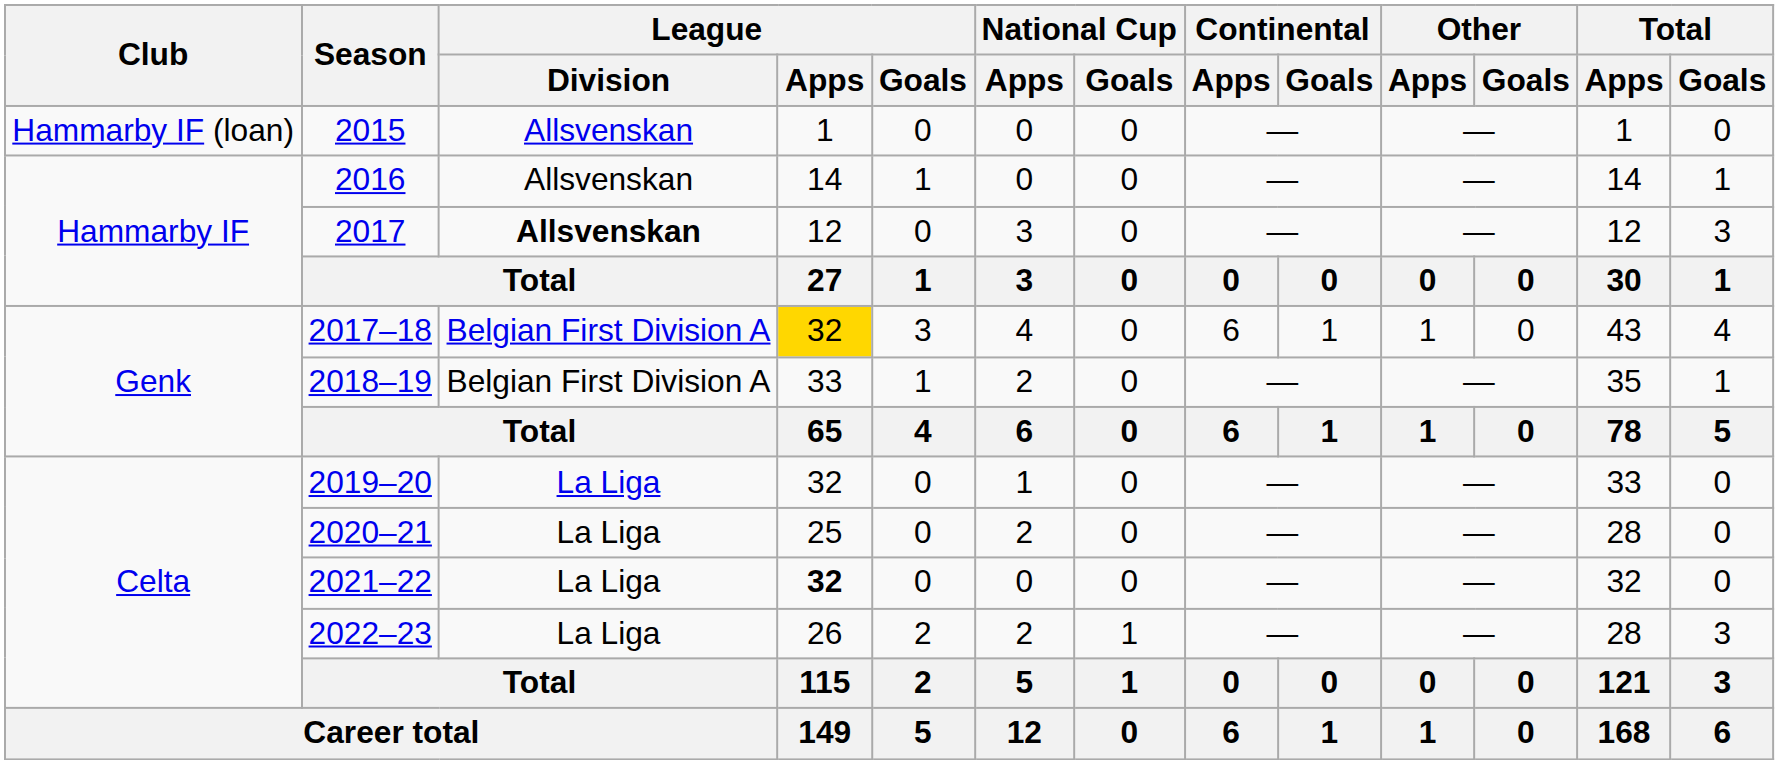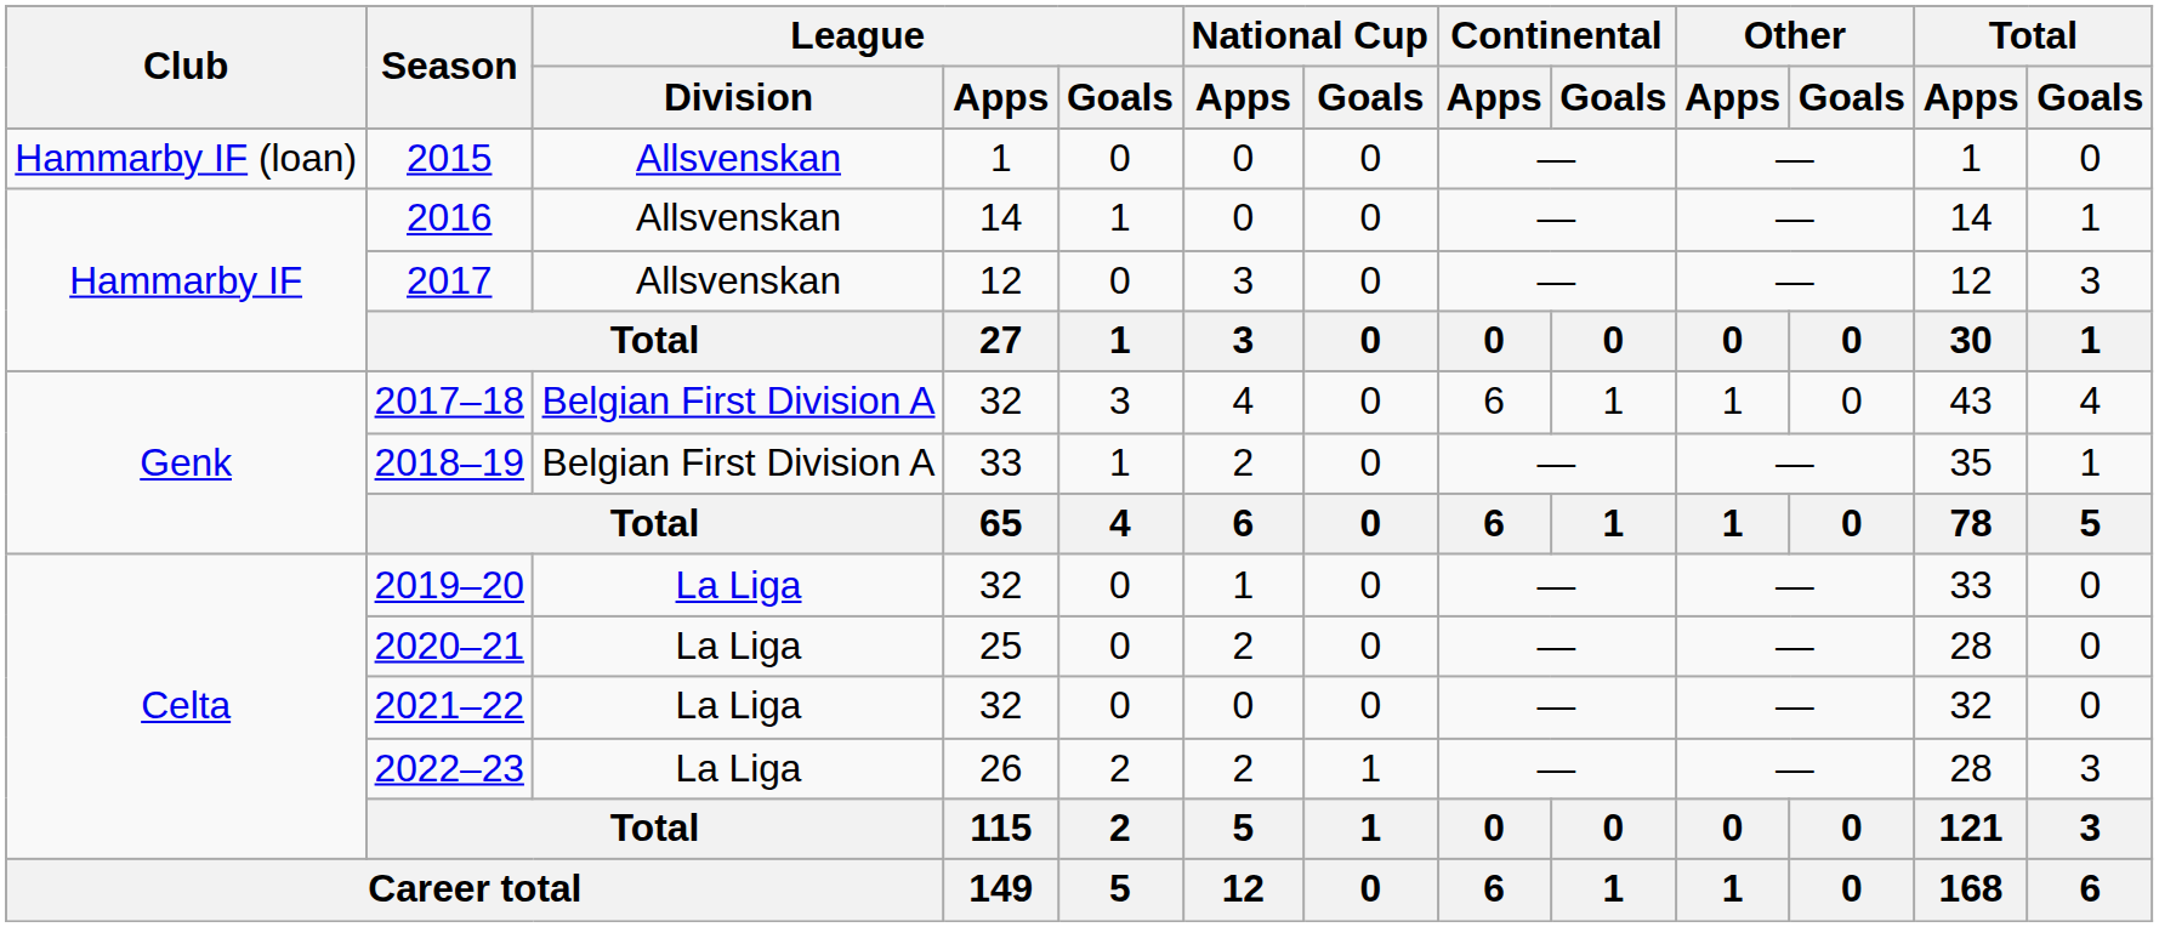 <table class="wikitable" style="text-align:center">
 <tr>
 <th rowspan="2">Club</th>
 <th rowspan="2">Season</th>
 <th colspan="3">League</th>
 <th colspan="2">National Cup</th>
 <th colspan="2">Continental</th>
 <th colspan="2">Other</th>
 <th colspan="2">Total</th>
 </tr>
 <tr>
 <th>Division</th>
 <th>Apps</th>
 <th>Goals</th>
 <th>Apps</th>
 <th>Goals</th>
 <th>Apps</th>
 <th>Goals</th>
 <th>Apps</th>
 <th>Goals</th>
 <th>Apps</th>
 <th>Goals</th>
 </tr>
 <tr>
 <td><a href='#'>Hammarby IF</a> (loan)</td>
 <td><a href='#'>2015</a></td>
 <td><a href='#'>Allsvenskan</a></td>
 <td>1</td>
 <td>0</td>
 <td>0</td>
 <td>0</td>
 <td colspan="2">—</td>
 <td colspan="2">—</td>
 <td>1</td>
 <td>0</td>
 </tr>
 <tr>
 <td rowspan="3"><a href='#'>Hammarby IF</a></td>
 <td><a href='#'>2016</a></td>
 <td>Allsvenskan</td>
 <td>14</td>
 <td>1</td>
 <td>0</td>
 <td>0</td>
 <td colspan="2">—</td>
 <td colspan="2">—</td>
 <td>14</td>
 <td>1</td>
 </tr>
 <tr>
 <td><a href='#'>2017</a></td>
-<td><strong>Allsvenskan</strong></td>
+<td>Allsvenskan</td>
 <td>12</td>
 <td>0</td>
 <td>3</td>
 <td>0</td>
 <td colspan="2">—</td>
 <td colspan="2">—</td>
 <td>12</td>
 <td>3</td>
 </tr>
 <tr>
 <th colspan="2">Total</th>
 <th>27</th>
 <th>1</th>
 <th>3</th>
 <th>0</th>
 <th>0</th>
 <th>0</th>
 <th>0</th>
 <th>0</th>
 <th>30</th>
 <th>1</th>
 </tr>
 <tr>
 <td rowspan="3"><a href='#'>Genk</a></td>
 <td><a href='#'>2017–18</a></td>
 <td><a href='#'>Belgian First Division A</a></td>
-<td style="background: gold;">32</td>
+<td>32</td>
 <td>3</td>
 <td>4</td>
 <td>0</td>
 <td>6</td>
 <td>1</td>
 <td>1</td>
 <td>0</td>
 <td>43</td>
 <td>4</td>
 </tr>
 <tr>
 <td><a href='#'>2018–19</a></td>
 <td>Belgian First Division A</td>
 <td>33</td>
 <td>1</td>
 <td>2</td>
 <td>0</td>
 <td colspan="2">—</td>
 <td colspan="2">—</td>
 <td>35</td>
 <td>1</td>
 </tr>
 <tr>
 <th colspan="2">Total</th>
 <th>65</th>
 <th>4</th>
 <th>6</th>
 <th>0</th>
 <th>6</th>
 <th>1</th>
 <th>1</th>
 <th>0</th>
 <th>78</th>
 <th>5</th>
 </tr>
 <tr>
 <td rowspan="5"><a href='#'>Celta</a></td>
 <td><a href='#'>2019–20</a></td>
 <td><a href='#'>La Liga</a></td>
 <td>32</td>
 <td>0</td>
 <td>1</td>
 <td>0</td>
 <td colspan="2">—</td>
 <td colspan="2">—</td>
 <td>33</td>
 <td>0</td>
 </tr>
 <tr>
 <td><a href='#'>2020–21</a></td>
 <td>La Liga</td>
 <td>25</td>
 <td>0</td>
 <td>2</td>
 <td>0</td>
 <td colspan="2">—</td>
 <td colspan="2">—</td>
 <td>28</td>
 <td>0</td>
 </tr>
 <tr>
 <td><a href='#'>2021–22</a></td>
 <td>La Liga</td>
-<td><strong>32</strong></td>
+<td>32</td>
 <td>0</td>
 <td>0</td>
 <td>0</td>
 <td colspan="2">—</td>
 <td colspan="2">—</td>
 <td>32</td>
 <td>0</td>
 </tr>
 <tr>
 <td><a href='#'>2022–23</a></td>
 <td>La Liga</td>
 <td>26</td>
 <td>2</td>
 <td>2</td>
 <td>1</td>
 <td colspan="2">—</td>
 <td colspan="2">—</td>
 <td>28</td>
 <td>3</td>
 </tr>
 <tr>
 <th colspan="2">Total</th>
 <th>115</th>
 <th>2</th>
 <th>5</th>
 <th>1</th>
 <th>0</th>
 <th>0</th>
 <th>0</th>
 <th>0</th>
 <th>121</th>
 <th>3</th>
 </tr>
 <tr>
 <th colspan="3">Career total</th>
 <th>149</th>
 <th>5</th>
 <th>12</th>
 <th>0</th>
 <th>6</th>
 <th>1</th>
 <th>1</th>
 <th>0</th>
 <th>168</th>
 <th>6</th>
 </tr>
 </table>
